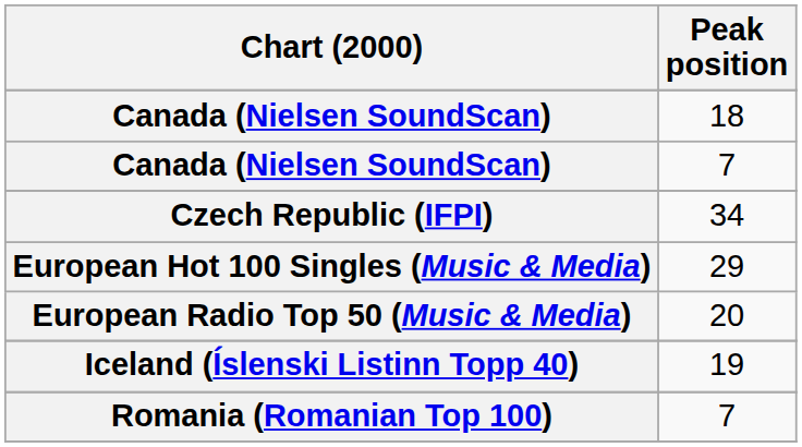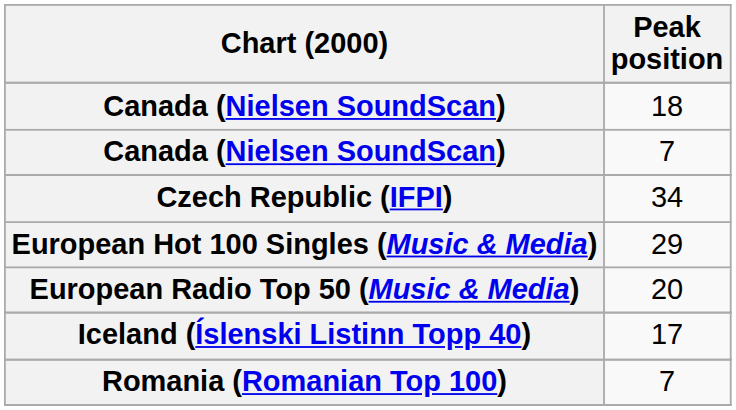 <table class="wikitable plainrowheaders sortable" style="text-align:center">
 <tr>
 <th scope="col">Chart (2000)</th>
 <th scope="col">Peak<br>position</th>
 </tr>
 <tr>
 </tr>
 <tr>
 </tr>
 <tr>
 </tr>
 <tr>
 <th scope="row">Canada (<a href='#'>Nielsen SoundScan</a>)</th>
 <td>18</td>
 </tr>
 <tr>
 <th scope="row">Canada (<a href='#'>Nielsen SoundScan</a>)<br></th>
 <td>7</td>
 </tr>
 <tr>
 </tr>
 <tr>
 </tr>
 <tr>
 <th scope="row">Czech Republic (<a href='#'>IFPI</a>)</th>
 <td>34</td>
 </tr>
 <tr>
 <th scope="row">European Hot 100 Singles (<em><a href='#'>Music & Media</a></em>)</th>
 <td>29</td>
 </tr>
 <tr>
 <th scope="row">European Radio Top 50 (<em><a href='#'>Music & Media</a></em>)</th>
 <td>20</td>
 </tr>
 <tr>
 </tr>
 <tr>
 <th scope="row">Iceland (<a href='#'>Íslenski Listinn Topp 40</a>)</th>
-<td>19</td>
+<td>17</td>
 </tr>
 <tr>
 </tr>
 <tr>
 </tr>
 <tr>
 </tr>
 <tr>
 </tr>
 <tr>
 <th scope="row">Romania (<a href='#'>Romanian Top 100</a>)</th>
 <td>7</td>
 </tr>
 <tr>
 </tr>
 <tr>
 </tr>
 <tr>
 </tr>
 <tr>
 </tr>
 <tr>
 </tr>
 <tr>
 </tr>
 <tr>
 </tr>
 <tr>
 </tr>
 <tr>
 </tr>
 <tr>
 </tr>
 <tr>
 </tr>
 </table>
